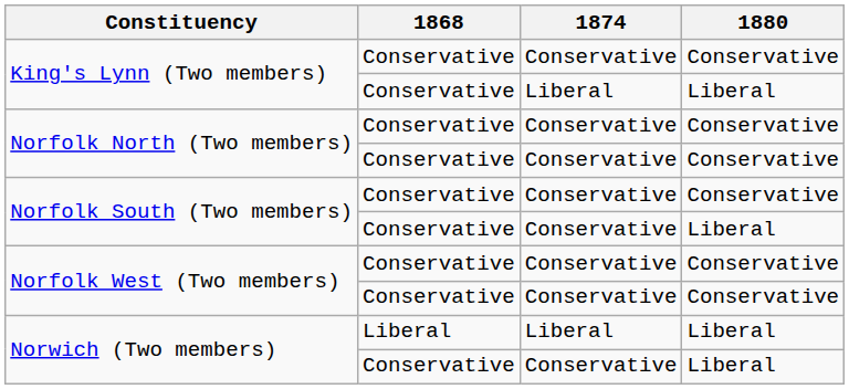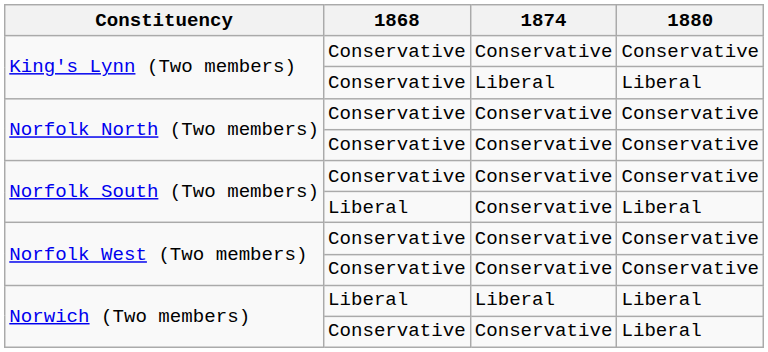 <table class="wikitable">
 <tr>
 <th>Constituency</th>
 <th>1868</th>
 <th>1874</th>
 <th>1880</th>
 </tr>
 <tr>
 <td rowspan="2"><a href='#'>King's Lynn</a> (Two members)</td>
 <td>Conservative</td>
 <td>Conservative</td>
 <td>Conservative</td>
 </tr>
 <tr>
 <td>Conservative</td>
 <td>Liberal</td>
 <td>Liberal</td>
 </tr>
 <tr>
 <td rowspan="2"><a href='#'>Norfolk North</a> (Two members)</td>
 <td>Conservative</td>
 <td>Conservative</td>
 <td>Conservative</td>
 </tr>
 <tr>
 <td>Conservative</td>
 <td>Conservative</td>
 <td>Conservative</td>
 </tr>
 <tr>
 <td rowspan="2"><a href='#'>Norfolk South</a> (Two members)</td>
 <td>Conservative</td>
 <td>Conservative</td>
 <td>Conservative</td>
 </tr>
 <tr>
-<td>Conservative</td>
+<td>Liberal</td>
 <td>Conservative</td>
 <td>Liberal</td>
 </tr>
 <tr>
 <td rowspan="2"><a href='#'>Norfolk West</a> (Two members)</td>
 <td>Conservative</td>
 <td>Conservative</td>
 <td>Conservative</td>
 </tr>
 <tr>
 <td>Conservative</td>
 <td>Conservative</td>
 <td>Conservative</td>
 </tr>
 <tr>
 <td rowspan="2"><a href='#'>Norwich</a> (Two members)</td>
 <td>Liberal</td>
 <td>Liberal</td>
 <td>Liberal</td>
 </tr>
 <tr>
 <td>Conservative</td>
 <td>Conservative</td>
 <td>Liberal</td>
 </tr>
 </table>
